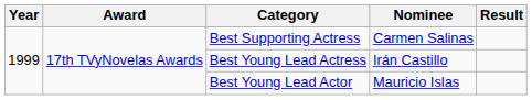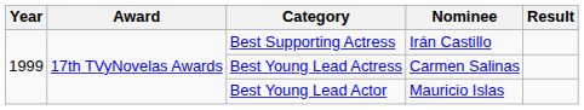 <table class="wikitable">
 <tr style="background:#b0c4de;">
 <th>Year</th>
 <th>Award</th>
 <th>Category</th>
 <th>Nominee</th>
 <th>Result</th>
 </tr>
 <tr>
 <td rowspan=3>1999</td>
 <td rowspan=3><a href='#'>17th TVyNovelas Awards</a></td>
 <td><a href='#'>Best Supporting Actress</a></td>
-<td><a href='#'>Carmen Salinas</a></td>
+<td><a href='#'>Irán Castillo</a></td>
 <td></td>
 </tr>
 <tr>
 <td><a href='#'>Best Young Lead Actress</a></td>
-<td><a href='#'>Irán Castillo</a></td>
+<td><a href='#'>Carmen Salinas</a></td>
 <td></td>
 </tr>
 <tr>
 <td><a href='#'>Best Young Lead Actor</a></td>
 <td><a href='#'>Mauricio Islas</a></td>
 <td></td>
 </tr>
 </table>
